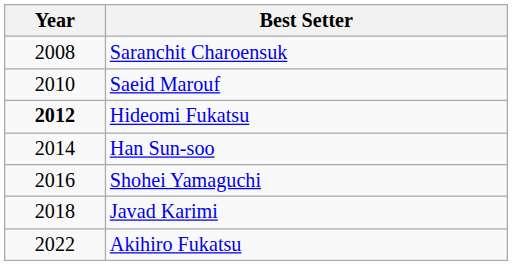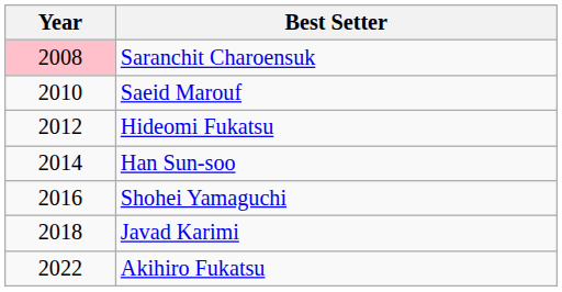 <table class="wikitable" style="width: 400px;">
 <tr>
 <th style="width: 20%;">Year</th>
 <th style="width: 80%;">Best Setter</th>
 </tr>
 <tr>
-<td align=center>2008</td>
+<td align=center style="background: pink;">2008</td>
 <td> <a href='#'>Saranchit Charoensuk</a></td>
 </tr>
 <tr>
 <td align=center>2010</td>
 <td> <a href='#'>Saeid Marouf</a></td>
 </tr>
 <tr>
-<td align=center><strong>2012</strong></td>
+<td align=center>2012</td>
 <td> <a href='#'>Hideomi Fukatsu</a></td>
 </tr>
 <tr>
 <td align=center>2014</td>
 <td> <a href='#'>Han Sun-soo</a></td>
 </tr>
 <tr>
 <td align=center>2016</td>
 <td> <a href='#'>Shohei Yamaguchi</a></td>
 </tr>
 <tr>
 <td align=center>2018</td>
 <td> <a href='#'>Javad Karimi</a></td>
 </tr>
 <tr>
 <td align=center>2022</td>
 <td> <a href='#'>Akihiro Fukatsu</a></td>
 </tr>
 </table>
